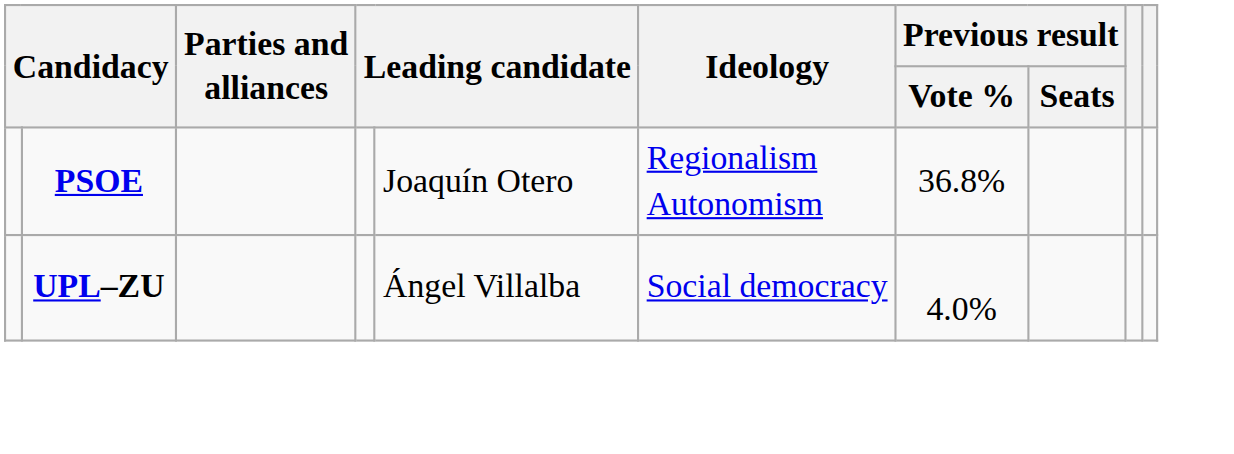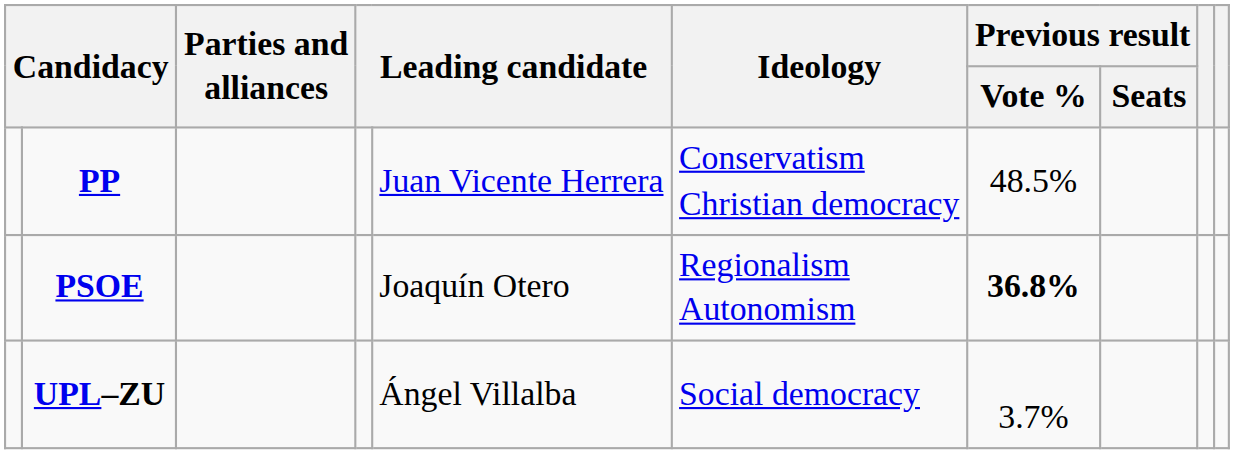 <table class="wikitable" style="line-height:1.35em; text-align:left;">
 <tr>
 <th colspan="2" rowspan="2">Candidacy</th>
 <th rowspan="2">Parties and<br>alliances</th>
 <th colspan="2" rowspan="2">Leading candidate</th>
 <th rowspan="2">Ideology</th>
 <th colspan="2">Previous result</th>
 <th rowspan="2"></th>
 <th rowspan="2"></th>
 </tr>
 <tr>
 <th>Vote %</th>
 <th>Seats</th>
 </tr>
 <tr>
+<td width="1" style="color:inherit;background:"></td>
+<td align="center"><strong><a href='#'>PP</a></strong></td>
+<td></td>
+<td></td>
+<td><a href='#'>Juan Vicente Herrera</a></td>
+<td><a href='#'>Conservatism</a><br><a href='#'>Christian democracy</a></td>
+<td align="center">48.5%</td>
+<td></td>
+<td></td>
+<td><br></td>
+</tr>
+<tr>
 <td style="color:inherit;background:"></td>
 <td align="center"><strong><a href='#'>PSOE</a></strong></td>
 <td></td>
 <td></td>
 <td>Joaquín Otero</td>
 <td><a href='#'>Regionalism</a><br><a href='#'>Autonomism</a></td>
-<td align="center">36.8%</td>
+<td align="center"><strong>36.8%</strong></td>
 <td></td>
 <td></td>
 <td><br></td>
 </tr>
 <tr>
 <td style="color:inherit;background:"></td>
 <td align="center"><strong><a href='#'>UPL</a>–ZU</strong></td>
 <td></td>
 <td></td>
 <td>Ángel Villalba</td>
 <td><a href='#'>Social democracy</a></td>
-<td align="center"><br>4.0%<br></td>
+<td align="center"><br>3.7%<br></td>
 <td></td>
 <td></td>
 <td></td>
 </tr>
 </table>
